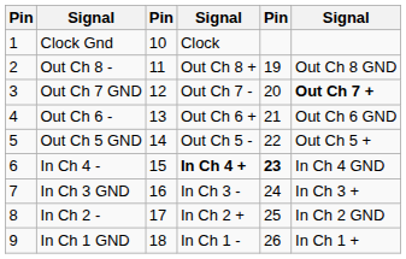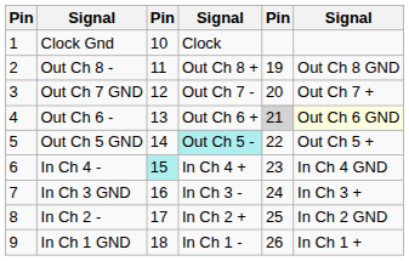 <table class="wikitable">
 <tr>
 <th>Pin</th>
 <th>Signal</th>
 <th>Pin</th>
 <th>Signal</th>
 <th>Pin</th>
 <th>Signal</th>
 </tr>
 <tr>
 <td>1</td>
 <td>Clock Gnd</td>
 <td>10</td>
 <td>Clock</td>
 <td></td>
 <td></td>
 </tr>
 <tr>
 <td>2</td>
 <td>Out Ch 8 -</td>
 <td>11</td>
 <td>Out Ch 8 +</td>
 <td>19</td>
 <td>Out Ch 8 GND</td>
 </tr>
 <tr>
 <td>3</td>
 <td>Out Ch 7 GND</td>
 <td>12</td>
 <td>Out Ch 7 -</td>
 <td>20</td>
-<td><strong>Out Ch 7 +</strong></td>
+<td>Out Ch 7 +</td>
 </tr>
 <tr>
 <td>4</td>
 <td>Out Ch 6 -</td>
 <td>13</td>
 <td>Out Ch 6 +</td>
-<td>21</td>
-<td>Out Ch 6 GND</td>
+<td style="background: lightgrey;">21</td>
+<td style="background: lightyellow;">Out Ch 6 GND</td>
 </tr>
 <tr>
 <td>5</td>
 <td>Out Ch 5 GND</td>
 <td>14</td>
-<td>Out Ch 5 -</td>
+<td style="background: paleturquoise;">Out Ch 5 -</td>
 <td>22</td>
 <td>Out Ch 5 +</td>
 </tr>
 <tr>
 <td>6</td>
 <td>In Ch 4 -</td>
-<td>15</td>
-<td><strong>In Ch 4 +</strong></td>
-<td><strong>23</strong></td>
+<td style="background: paleturquoise;">15</td>
+<td>In Ch 4 +</td>
+<td>23</td>
 <td>In Ch 4 GND</td>
 </tr>
 <tr>
 <td>7</td>
 <td>In Ch 3 GND</td>
 <td>16</td>
 <td>In Ch 3 -</td>
 <td>24</td>
 <td>In Ch 3 +</td>
 </tr>
 <tr>
 <td>8</td>
 <td>In Ch 2 -</td>
 <td>17</td>
 <td>In Ch 2 +</td>
 <td>25</td>
 <td>In Ch 2 GND</td>
 </tr>
 <tr>
 <td>9</td>
 <td>In Ch 1 GND</td>
 <td>18</td>
 <td>In Ch 1 -</td>
 <td>26</td>
 <td>In Ch 1 +</td>
 </tr>
 </table>
